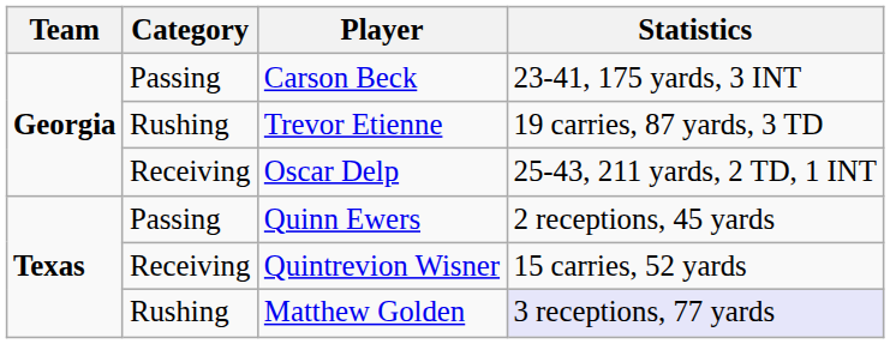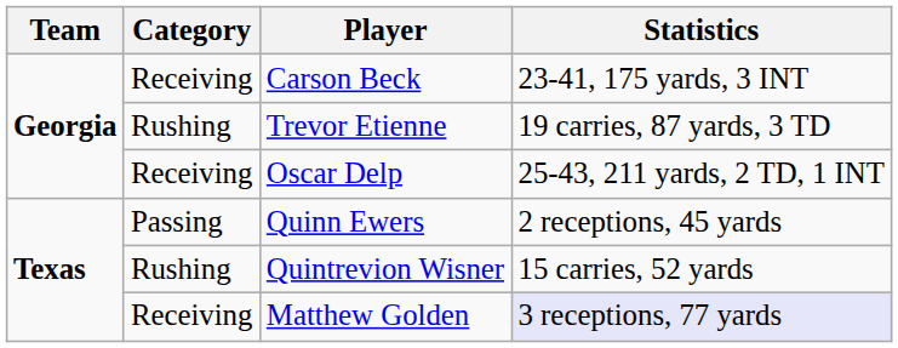 <table class="wikitable" style="float: right;">
 <tr>
 <th>Team</th>
 <th>Category</th>
 <th>Player</th>
 <th>Statistics</th>
 </tr>
 <tr>
 <td rowspan=3><strong>Georgia</strong></td>
-<td>Passing</td>
+<td>Receiving</td>
 <td><a href='#'>Carson Beck</a></td>
 <td>23-41, 175 yards, 3 INT</td>
 </tr>
 <tr>
 <td>Rushing</td>
 <td><a href='#'>Trevor Etienne</a></td>
 <td>19 carries, 87 yards, 3 TD</td>
 </tr>
 <tr>
 <td>Receiving</td>
 <td><a href='#'>Oscar Delp</a></td>
 <td>25-43, 211 yards, 2 TD, 1 INT</td>
 </tr>
 <tr>
 <td rowspan=3><strong>Texas</strong></td>
 <td>Passing</td>
 <td><a href='#'>Quinn Ewers</a></td>
 <td>2 receptions, 45 yards</td>
 </tr>
 <tr>
-<td>Receiving</td>
+<td>Rushing</td>
 <td><a href='#'>Quintrevion Wisner</a></td>
 <td>15 carries, 52 yards</td>
 </tr>
 <tr>
-<td>Rushing</td>
+<td>Receiving</td>
 <td><a href='#'>Matthew Golden</a></td>
 <td style="background: lavender;">3 receptions, 77 yards</td>
 </tr>
 </table>
